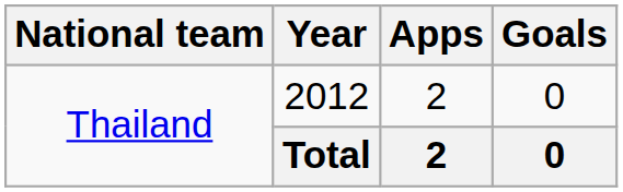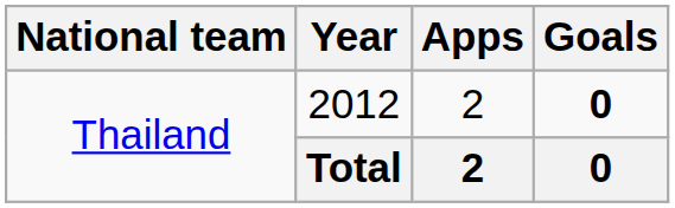 <table class="wikitable" style="text-align:center">
 <tr>
 <th>National team</th>
 <th>Year</th>
 <th>Apps</th>
 <th>Goals</th>
 </tr>
 <tr>
 <td rowspan="2" valign="center"><a href='#'>Thailand</a></td>
 <td>2012</td>
 <td>2</td>
-<td>0</td>
+<td><strong>0</strong></td>
 </tr>
 <tr>
 <th>Total</th>
 <th>2</th>
 <th>0</th>
 </tr>
 </table>
